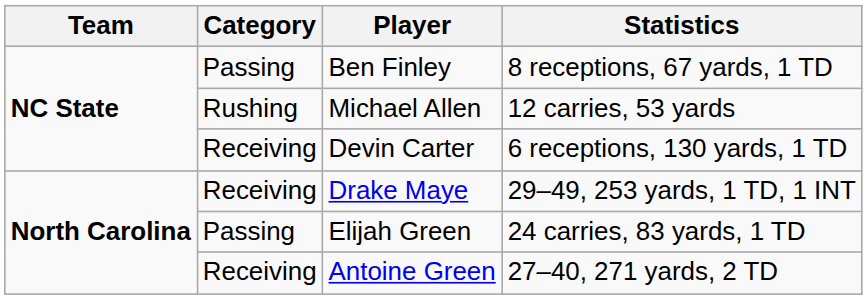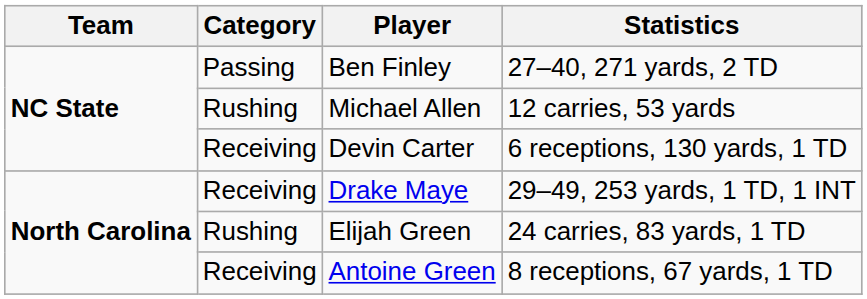 <table class="wikitable" style="float: left;">
 <tr>
 <th>Team</th>
 <th>Category</th>
 <th>Player</th>
 <th>Statistics</th>
 </tr>
 <tr>
 <td rowspan=3><strong>NC State</strong></td>
 <td>Passing</td>
 <td>Ben Finley</td>
-<td>8 receptions, 67 yards, 1 TD</td>
+<td>27–40, 271 yards, 2 TD</td>
 </tr>
 <tr>
 <td>Rushing</td>
 <td>Michael Allen</td>
 <td>12 carries, 53 yards</td>
 </tr>
 <tr>
 <td>Receiving</td>
 <td>Devin Carter</td>
 <td>6 receptions, 130 yards, 1 TD</td>
 </tr>
 <tr>
 <td rowspan=3><strong>North Carolina</strong></td>
 <td>Receiving</td>
 <td><a href='#'>Drake Maye</a></td>
 <td>29–49, 253 yards, 1 TD, 1 INT</td>
 </tr>
 <tr>
-<td>Passing</td>
+<td>Rushing</td>
 <td>Elijah Green</td>
 <td>24 carries, 83 yards, 1 TD</td>
 </tr>
 <tr>
 <td>Receiving</td>
 <td><a href='#'>Antoine Green</a></td>
-<td>27–40, 271 yards, 2 TD</td>
+<td>8 receptions, 67 yards, 1 TD</td>
 </tr>
 </table>
